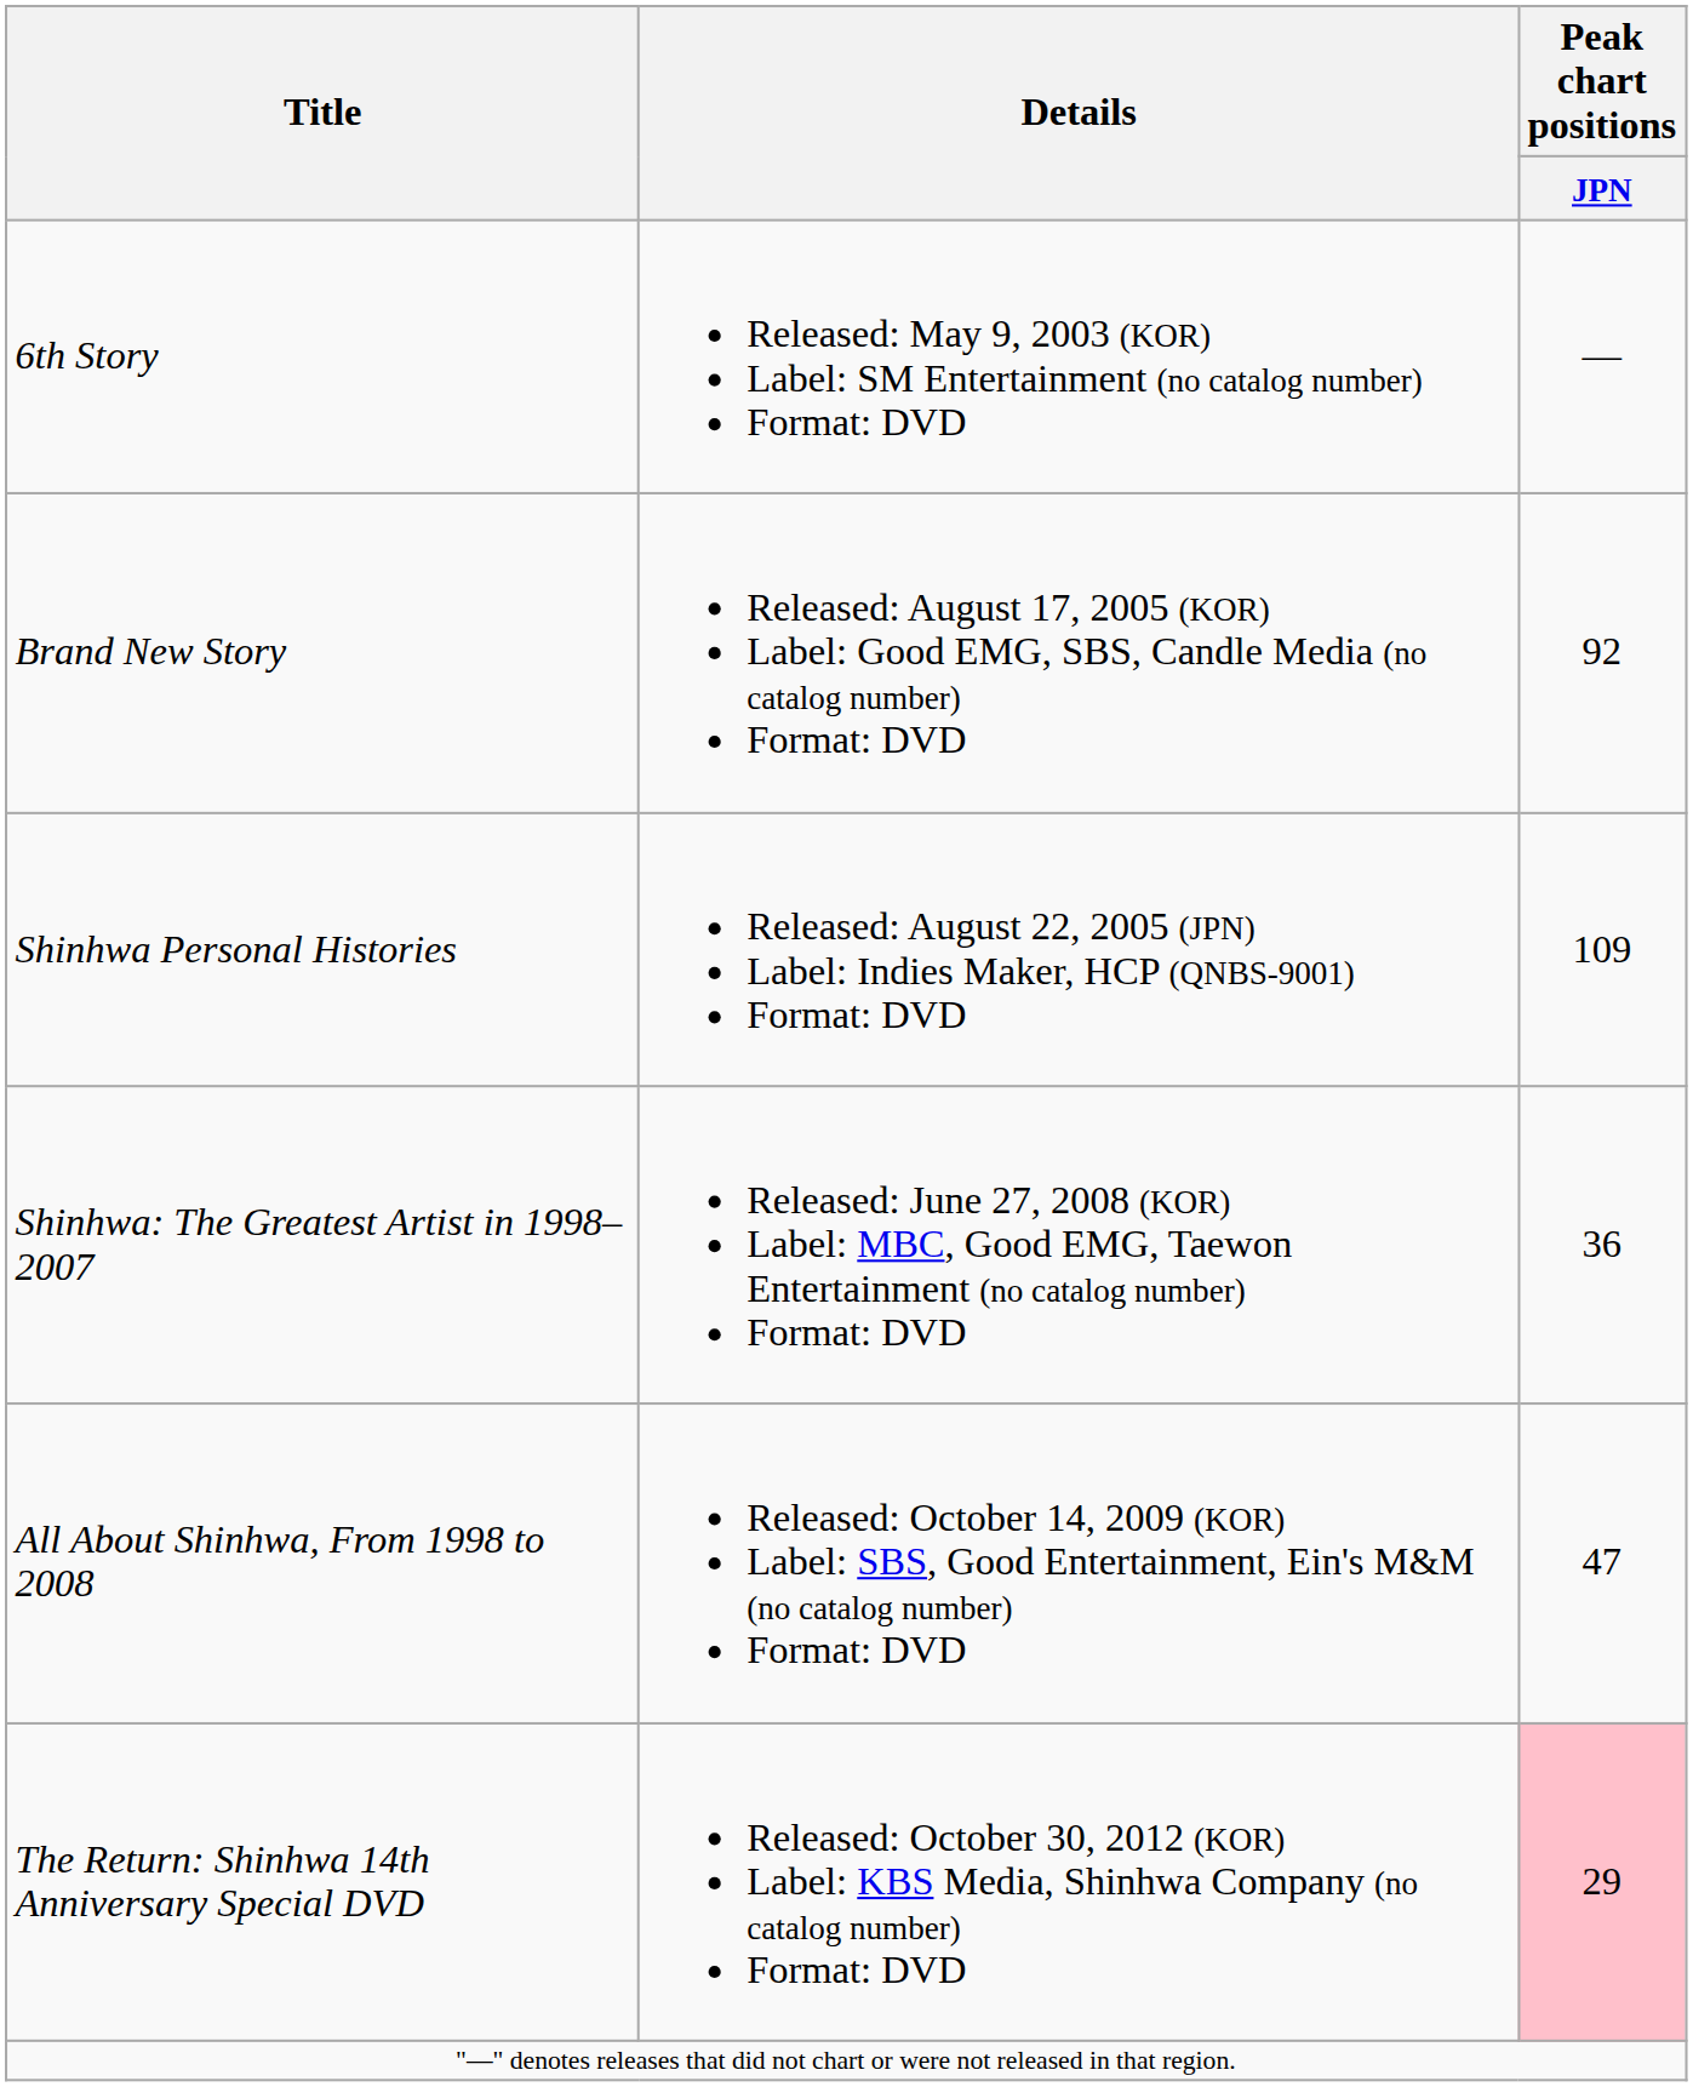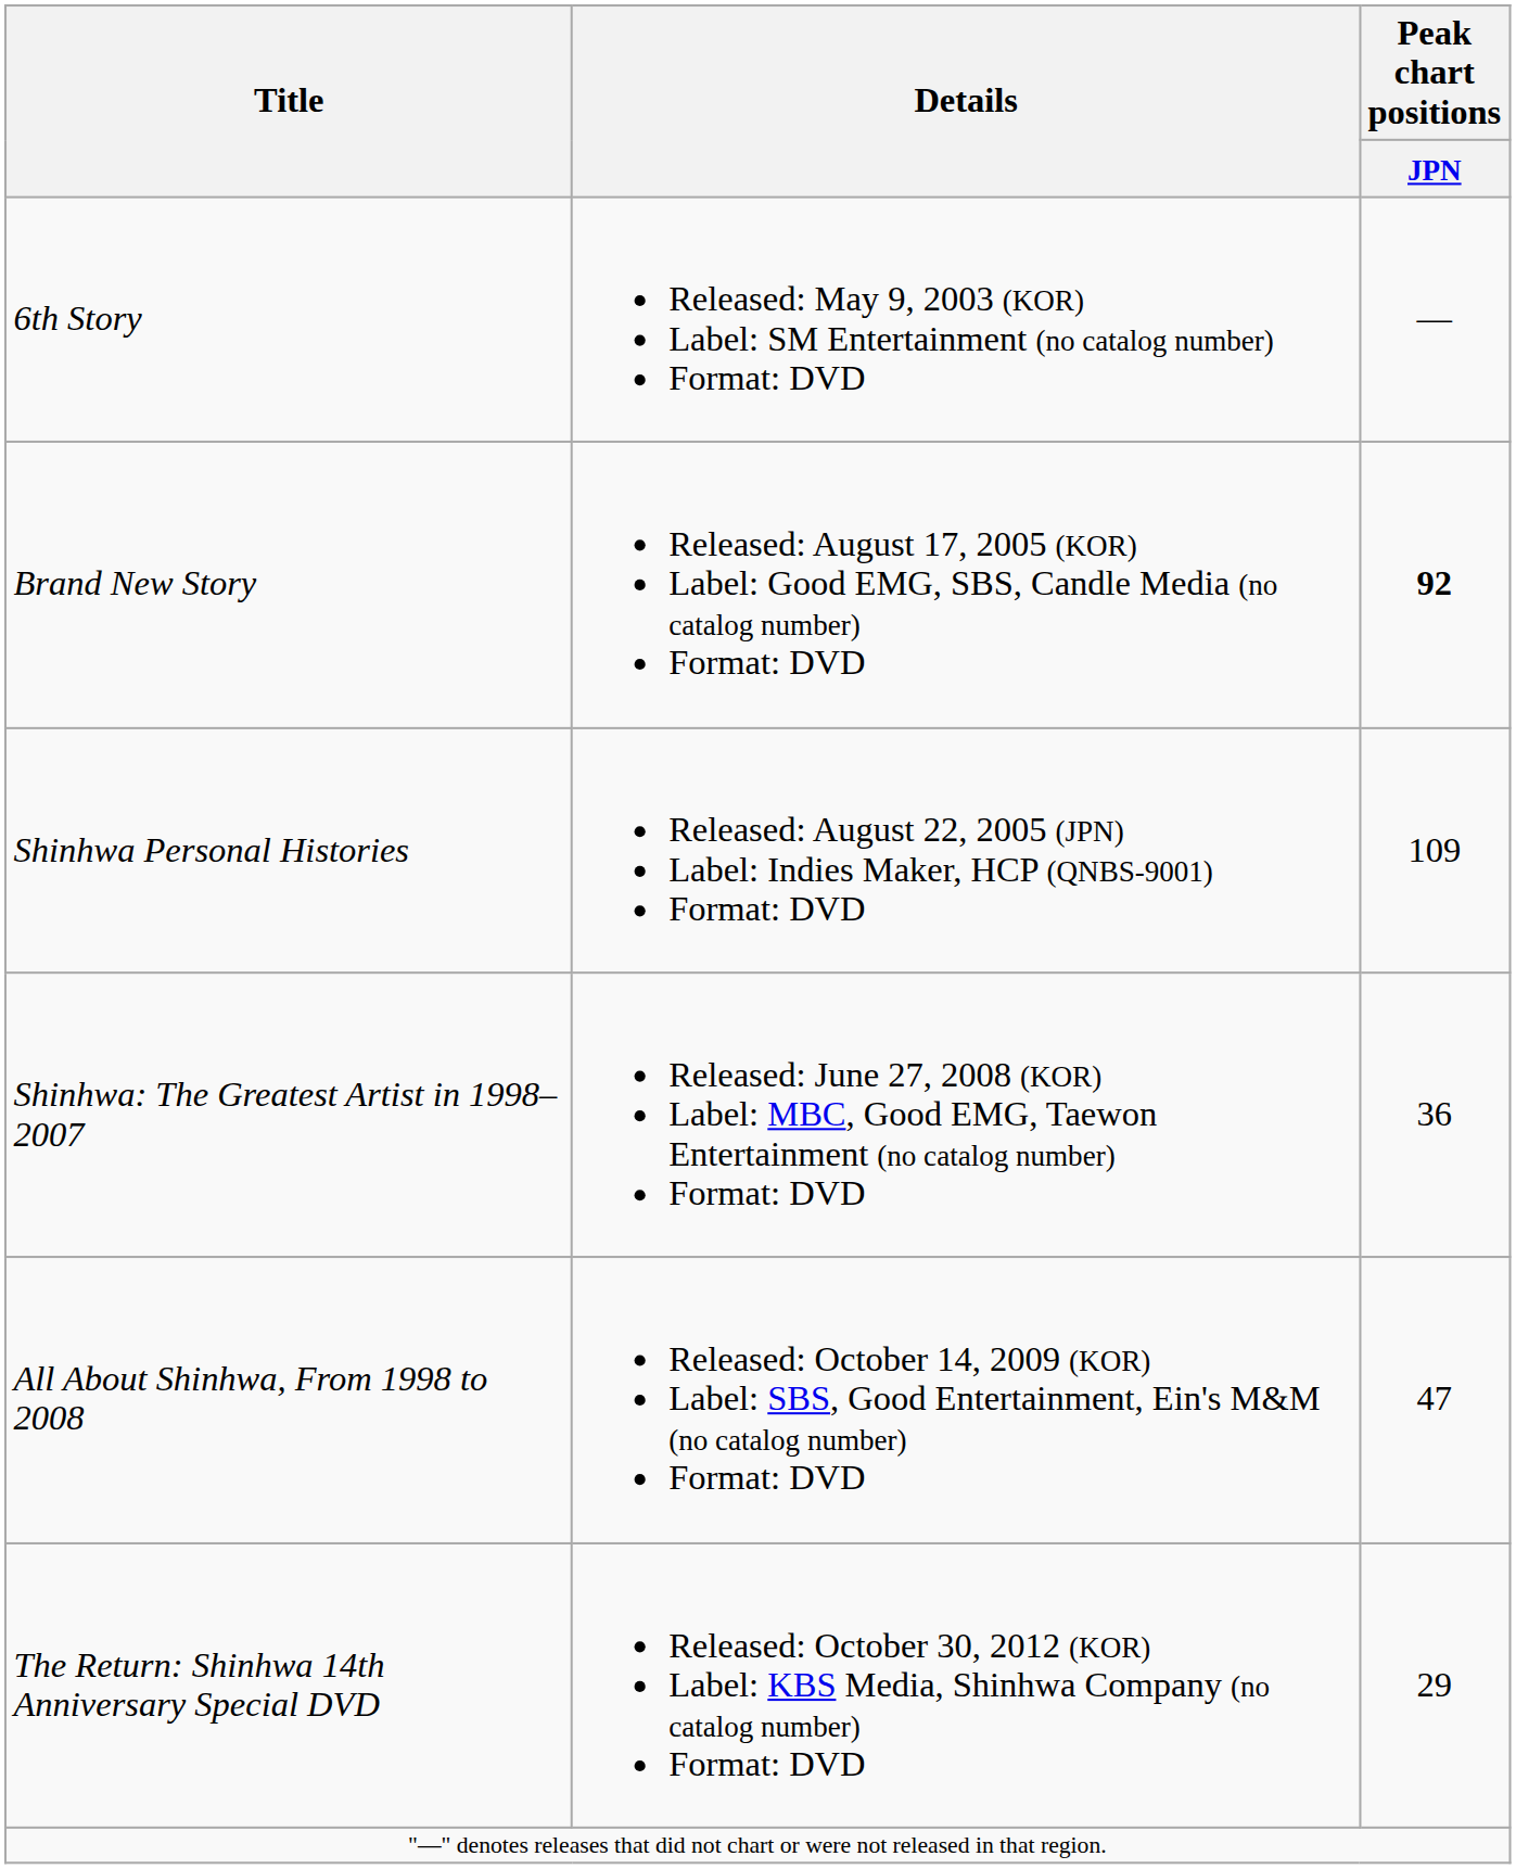 <table class="wikitable">
 <tr>
 <th rowspan="2" style="width:250px;">Title</th>
 <th rowspan="2" style="width:350px;">Details</th>
 <th colspan="1">Peak chart<br>positions</th>
 </tr>
 <tr>
 <th style="width:2.5em;"><small><a href='#'>JPN</a></small><br></th>
 </tr>
 <tr>
 <td><em>6th Story</em></td>
 <td><br><ul><li>Released: May 9, 2003 <small>(KOR)</small></li><li>Label: SM Entertainment <small>(no catalog number)</small></li><li>Format: DVD</li></ul></td>
 <td align="center">—</td>
 </tr>
 <tr>
 <td><em>Brand New Story</em></td>
 <td><br><ul><li>Released: August 17, 2005 <small>(KOR)</small></li><li>Label: Good EMG, SBS, Candle Media <small>(no catalog number)</small></li><li>Format: DVD</li></ul></td>
-<td align="center">92</td>
+<td align="center"><strong>92</strong></td>
 </tr>
 <tr>
 <td><em>Shinhwa Personal Histories</em></td>
 <td><br><ul><li>Released: August 22, 2005 <small>(JPN)</small></li><li>Label: Indies Maker, HCP <small>(QNBS-9001)</small></li><li>Format: DVD</li></ul></td>
 <td align="center">109</td>
 </tr>
 <tr>
 <td><em>Shinhwa: The Greatest Artist in 1998–2007</em></td>
 <td><br><ul><li>Released: June 27, 2008 <small>(KOR)</small></li><li>Label: <a href='#'>MBC</a>, Good EMG, Taewon Entertainment <small>(no catalog number)</small></li><li>Format: DVD</li></ul></td>
 <td align="center">36</td>
 </tr>
 <tr>
 <td><em>All About Shinhwa, From 1998 to 2008</em></td>
 <td><br><ul><li>Released:  October 14, 2009 <small>(KOR)</small></li><li>Label: <a href='#'>SBS</a>, Good Entertainment, Ein's M&M <small>(no catalog number)</small></li><li>Format: DVD</li></ul></td>
 <td align="center">47</td>
 </tr>
 <tr>
 <td><em>The Return: Shinhwa 14th Anniversary Special DVD</em></td>
 <td><br><ul><li>Released: October 30, 2012 <small>(KOR)</small></li><li>Label: <a href='#'>KBS</a> Media, Shinhwa Company <small>(no catalog number)</small></li><li>Format: DVD</li></ul></td>
-<td align="center" style="background: pink;">29</td>
+<td align="center">29</td>
 </tr>
 <tr>
 <td colspan="5" style="text-align:center; font-size:8pt;">"—" denotes releases that did not chart or were not released in that region.</td>
 </tr>
 </table>
